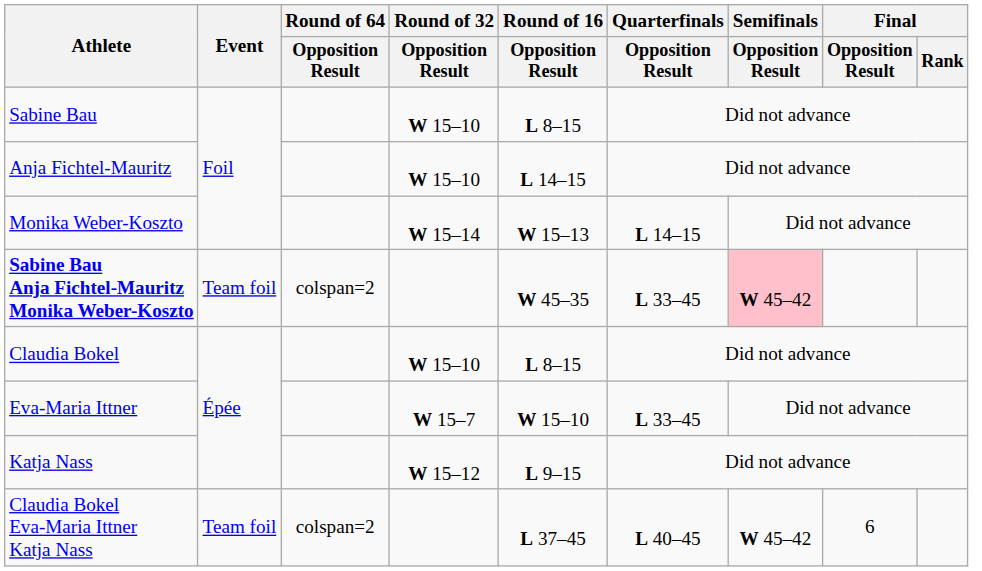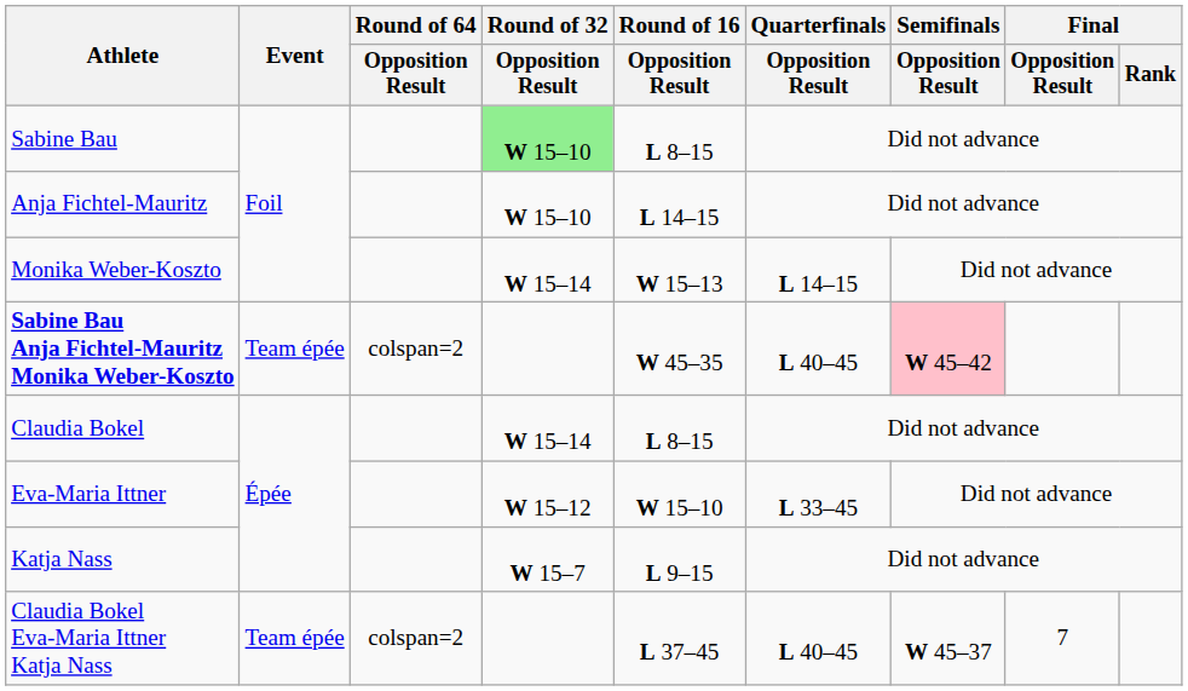 <table class="wikitable" style="font-size:90%">
 <tr>
 <th rowspan="2">Athlete</th>
 <th rowspan="2">Event</th>
 <th>Round of 64</th>
 <th>Round of 32</th>
 <th>Round of 16</th>
 <th>Quarterfinals</th>
 <th>Semifinals</th>
 <th colspan=2>Final</th>
 </tr>
 <tr style="font-size:95%">
 <th>Opposition<br>Result</th>
 <th>Opposition<br>Result</th>
 <th>Opposition<br>Result</th>
 <th>Opposition<br>Result</th>
 <th>Opposition<br>Result</th>
 <th>Opposition<br>Result</th>
 <th>Rank</th>
 </tr>
 <tr align=center>
 <td align=left><a href='#'>Sabine Bau</a></td>
 <td align=left rowspan=3><a href='#'>Foil</a></td>
 <td></td>
-<td><br><strong>W</strong> 15–10</td>
+<td style="background: lightgreen;"><br><strong>W</strong> 15–10</td>
 <td><br><strong>L</strong> 8–15</td>
 <td colspan=4>Did not advance</td>
 </tr>
 <tr align=center>
 <td align=left><a href='#'>Anja Fichtel-Mauritz</a></td>
 <td></td>
 <td><br><strong>W</strong> 15–10</td>
 <td><br><strong>L</strong> 14–15</td>
 <td colspan=4>Did not advance</td>
 </tr>
 <tr align=center>
 <td align=left><a href='#'>Monika Weber-Koszto</a></td>
 <td></td>
 <td><br><strong>W</strong> 15–14</td>
 <td><br><strong>W</strong> 15–13</td>
 <td><br><strong>L</strong> 14–15</td>
 <td colspan=3>Did not advance</td>
 </tr>
 <tr align=center>
 <td align=left><strong><a href='#'>Sabine Bau</a><br><a href='#'>Anja Fichtel-Mauritz</a><br><a href='#'>Monika Weber-Koszto</a></strong></td>
-<td align=left><a href='#'>Team foil</a></td>
+<td align=left><a href='#'>Team épée</a></td>
 <td>colspan=2</td>
 <td></td>
 <td><br><strong>W</strong> 45–35</td>
-<td><br><strong>L</strong> 33–45</td>
+<td><br><strong>L</strong> 40–45</td>
 <td style="background: pink;"><br><strong>W</strong> 45–42</td>
 <td></td>
 </tr>
 <tr align=center>
 <td align=left><a href='#'>Claudia Bokel</a></td>
 <td align=left rowspan=3><a href='#'>Épée</a></td>
 <td></td>
-<td><br><strong>W</strong> 15–10</td>
+<td><br><strong>W</strong> 15–14</td>
 <td><br><strong>L</strong> 8–15</td>
 <td colspan=4>Did not advance</td>
 </tr>
 <tr align=center>
 <td align=left><a href='#'>Eva-Maria Ittner</a></td>
 <td></td>
-<td><br><strong>W</strong> 15–7</td>
+<td><br><strong>W</strong> 15–12</td>
 <td><br><strong>W</strong> 15–10</td>
 <td><br><strong>L</strong> 33–45</td>
 <td colspan=3>Did not advance</td>
 </tr>
 <tr align=center>
 <td align=left><a href='#'>Katja Nass</a></td>
 <td></td>
-<td><br><strong>W</strong> 15–12</td>
+<td><br><strong>W</strong> 15–7</td>
 <td><br><strong>L</strong> 9–15</td>
 <td colspan=4>Did not advance</td>
 </tr>
 <tr align=center>
 <td align=left><a href='#'>Claudia Bokel</a><br><a href='#'>Eva-Maria Ittner</a><br><a href='#'>Katja Nass</a></td>
-<td align=left><a href='#'>Team foil</a></td>
+<td align=left><a href='#'>Team épée</a></td>
 <td>colspan=2</td>
 <td></td>
 <td><br><strong>L</strong> 37–45</td>
 <td><br><strong>L</strong> 40–45</td>
-<td><br><strong>W</strong> 45–42</td>
-<td>6</td>
+<td><br><strong>W</strong> 45–37</td>
+<td>7</td>
 </tr>
 </table>
